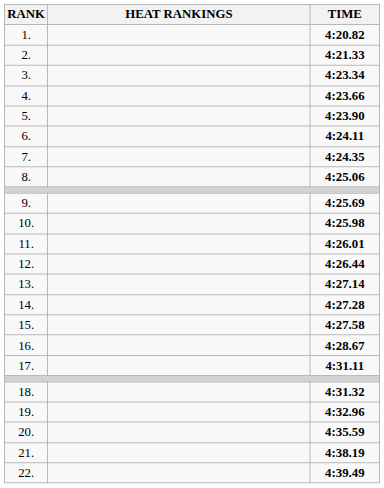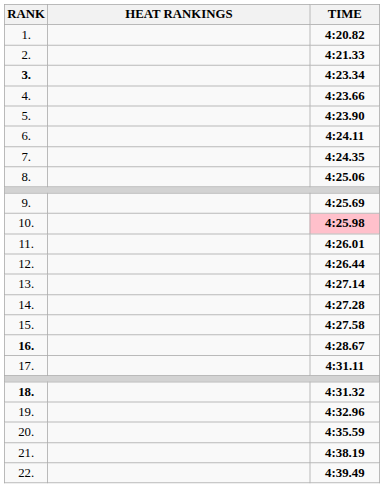 <table class="wikitable">
 <tr>
 <th>RANK</th>
 <th style="width: 20em">HEAT RANKINGS</th>
 <th style="width: 5em">TIME</th>
 </tr>
 <tr>
 <td align="center">1.</td>
 <td></td>
 <td align="center"><strong>4:20.82</strong></td>
 </tr>
 <tr>
 <td align="center">2.</td>
 <td></td>
 <td align="center"><strong>4:21.33</strong></td>
 </tr>
 <tr>
-<td align="center">3.</td>
+<td align="center"><strong>3.</strong></td>
 <td></td>
 <td align="center"><strong>4:23.34</strong></td>
 </tr>
 <tr>
 <td align="center">4.</td>
 <td></td>
 <td align="center"><strong>4:23.66</strong></td>
 </tr>
 <tr>
 <td align="center">5.</td>
 <td></td>
 <td align="center"><strong>4:23.90</strong></td>
 </tr>
 <tr>
 <td align="center">6.</td>
 <td></td>
 <td align="center"><strong>4:24.11</strong></td>
 </tr>
 <tr>
 <td align="center">7.</td>
 <td></td>
 <td align="center"><strong>4:24.35</strong></td>
 </tr>
 <tr>
 <td align="center">8.</td>
 <td></td>
 <td align="center"><strong>4:25.06</strong></td>
 </tr>
 <tr>
 <td colspan=3 bgcolor=lightgray></td>
 </tr>
 <tr>
 <td align="center">9.</td>
 <td></td>
 <td align="center"><strong>4:25.69</strong></td>
 </tr>
 <tr>
 <td align="center">10.</td>
 <td></td>
-<td align="center"><strong>4:25.98</strong></td>
+<td align="center" style="background: pink;"><strong>4:25.98</strong></td>
 </tr>
 <tr>
 <td align="center">11.</td>
 <td></td>
 <td align="center"><strong>4:26.01</strong></td>
 </tr>
 <tr>
 <td align="center">12.</td>
 <td> </td>
 <td align="center"><strong>4:26.44</strong></td>
 </tr>
 <tr>
 <td align="center">13.</td>
 <td></td>
 <td align="center"><strong>4:27.14</strong></td>
 </tr>
 <tr>
 <td align="center">14.</td>
 <td></td>
 <td align="center"><strong>4:27.28</strong></td>
 </tr>
 <tr>
 <td align="center">15.</td>
 <td></td>
 <td align="center"><strong>4:27.58</strong></td>
 </tr>
 <tr>
-<td align="center">16.</td>
+<td align="center"><strong>16.</strong></td>
 <td></td>
 <td align="center"><strong>4:28.67</strong></td>
 </tr>
 <tr>
 <td align="center">17.</td>
 <td></td>
 <td align="center"><strong>4:31.11</strong></td>
 </tr>
 <tr>
 <td colspan=3 bgcolor=lightgray></td>
 </tr>
 <tr>
-<td align="center">18.</td>
+<td align="center"><strong>18.</strong></td>
 <td></td>
 <td align="center"><strong>4:31.32</strong></td>
 </tr>
 <tr>
 <td align="center">19.</td>
 <td></td>
 <td align="center"><strong>4:32.96</strong></td>
 </tr>
 <tr>
 <td align="center">20.</td>
 <td></td>
 <td align="center"><strong>4:35.59</strong></td>
 </tr>
 <tr>
 <td align="center">21.</td>
 <td></td>
 <td align="center"><strong>4:38.19</strong></td>
 </tr>
 <tr>
 <td align="center">22.</td>
 <td></td>
 <td align="center"><strong>4:39.49</strong></td>
 </tr>
 </table>
